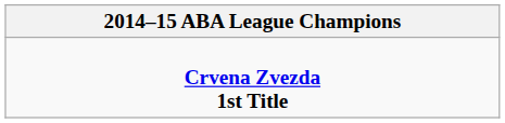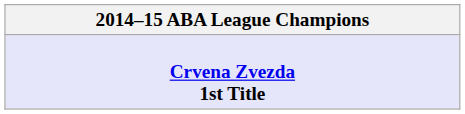 <table class="wikitable" style="margin: 0 auto; width: 30%;">
 <tr>
 <th>2014–15 ABA League Champions</th>
 </tr>
 <tr>
-<td align=center><br><strong><a href='#'>Crvena Zvezda</a></strong><br><strong>1st Title</strong></td>
+<td align=center style="background: lavender;"><br><strong><a href='#'>Crvena Zvezda</a></strong><br><strong>1st Title</strong></td>
 </tr>
 </table>
